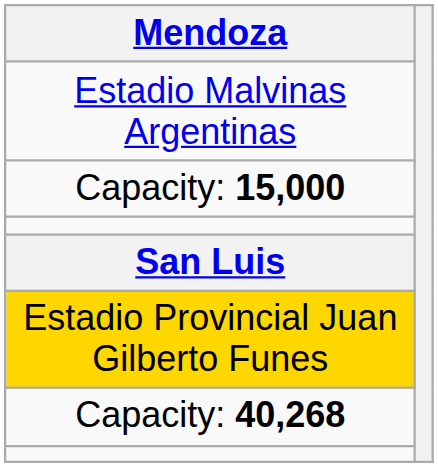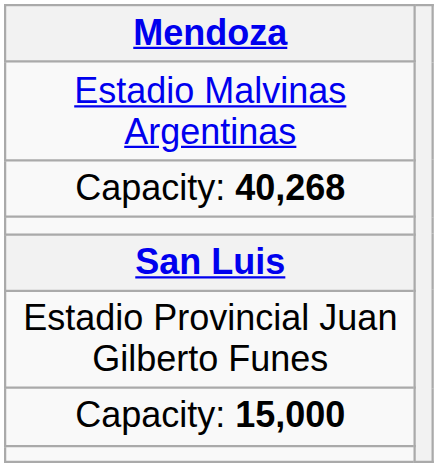 <table class=wikitable style="text-align:center">
 <tr>
 <th width=175><a href='#'>Mendoza</a></th>
 <th rowspan=8><br></th>
 </tr>
 <tr>
 <td><a href='#'>Estadio Malvinas Argentinas</a></td>
 </tr>
 <tr>
-<td>Capacity: <strong>15,000</strong></td>
+<td>Capacity: <strong>40,268</strong></td>
 </tr>
 <tr>
 <td></td>
 </tr>
 <tr>
 <th><a href='#'>San Luis</a></th>
 </tr>
 <tr>
-<td style="background: gold;">Estadio Provincial Juan Gilberto Funes</td>
+<td>Estadio Provincial Juan Gilberto Funes</td>
 </tr>
 <tr>
-<td>Capacity: <strong>40,268</strong></td>
+<td>Capacity: <strong>15,000</strong></td>
 </tr>
 <tr>
 <td></td>
 </tr>
 </table>
